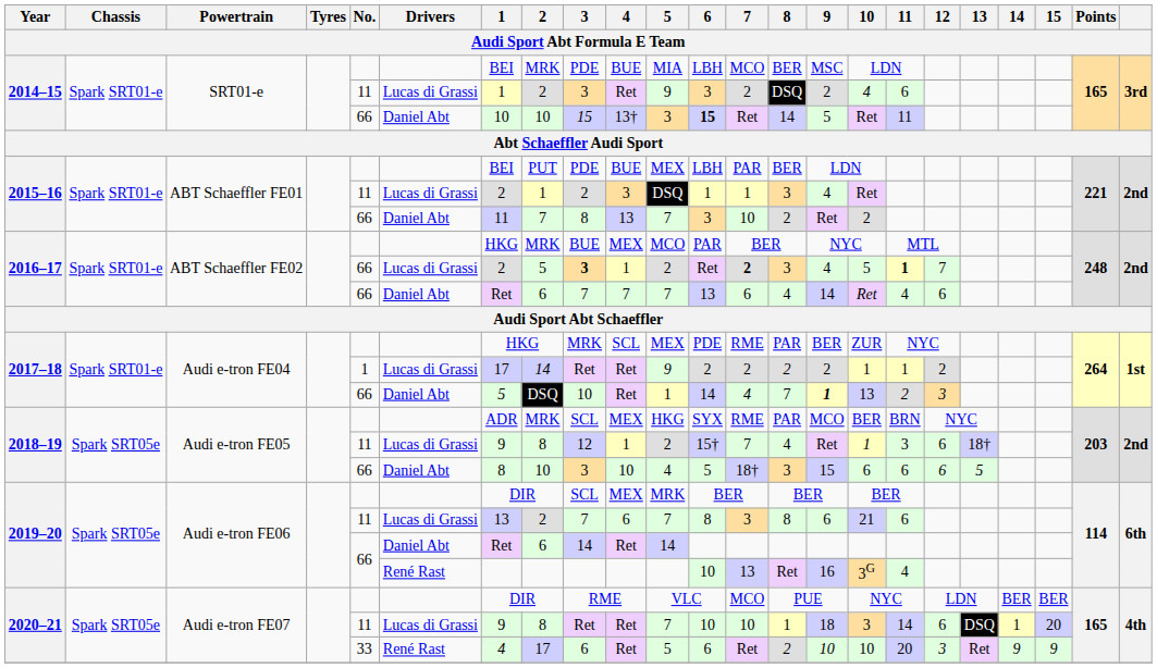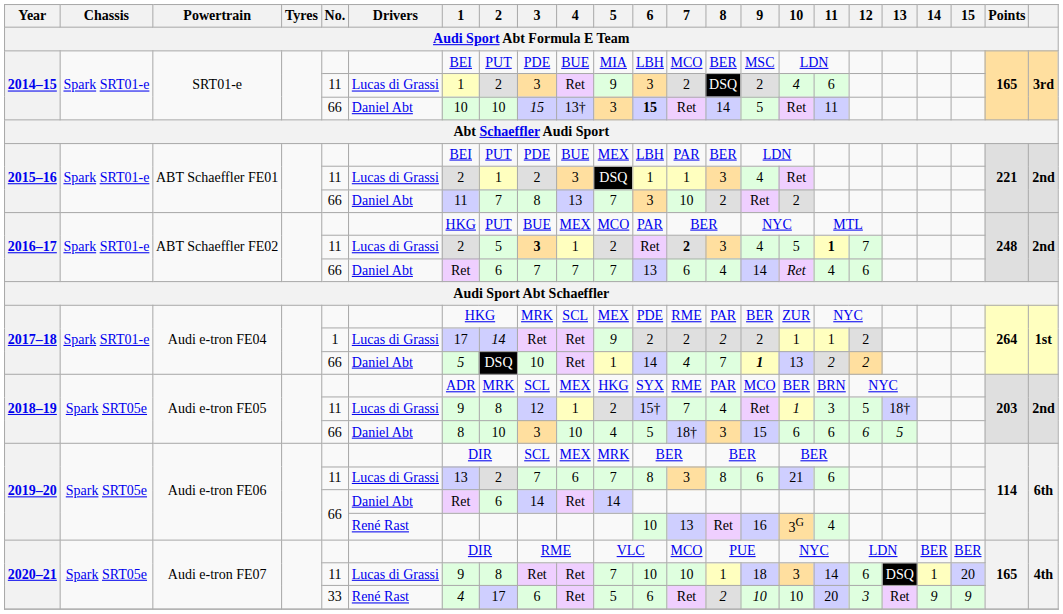 <table class="wikitable" style="font-size: 85%; text-align:center;">
 <tr valign="top">
 <th valign=middle>Year</th>
 <th valign=middle>Chassis</th>
 <th valign="middle">Powertrain</th>
 <th valign="middle">Tyres</th>
 <th valign="middle">No.</th>
 <th valign="middle">Drivers</th>
 <th style="width:26px;">1</th>
 <th style="width:26px;">2</th>
 <th style="width:26px;">3</th>
 <th style="width:26px;">4</th>
 <th style="width:26px;">5</th>
 <th style="width:26px;">6</th>
 <th style="width:26px;">7</th>
 <th style="width:26px;">8</th>
 <th style="width:26px;">9</th>
 <th style="width:26px;">10</th>
 <th style="width:26px;">11</th>
 <th style="width:26px;">12</th>
 <th style="width:26px;">13</th>
 <th style="width:26px;">14</th>
 <th style="width:26px;">15</th>
 <th valign="middle">Points</th>
 <th></th>
 </tr>
 <tr>
 <th colspan="23"><a href='#'>Audi Sport</a> Abt Formula E Team</th>
 </tr>
 <tr>
 <th rowspan=3><a href='#'>2014–15</a></th>
 <td rowspan=3><a href='#'>Spark</a> <a href='#'>SRT01-e</a></td>
 <td rowspan=3>SRT01-e</td>
 <td rowspan=3></td>
 <td></td>
 <td></td>
 <td><a href='#'>BEI</a></td>
-<td><a href='#'>MRK</a></td>
+<td><a href='#'>PUT</a></td>
 <td><a href='#'>PDE</a></td>
 <td><a href='#'>BUE</a></td>
 <td><a href='#'>MIA</a></td>
 <td><a href='#'>LBH</a></td>
 <td><a href='#'>MCO</a></td>
 <td><a href='#'>BER</a></td>
 <td><a href='#'>MSC</a></td>
 <td colspan=2><a href='#'>LDN</a></td>
 <td></td>
 <td></td>
 <td></td>
 <td></td>
 <th rowspan="3" style="background:#FFDF9F;">165</th>
 <th style="background:#FFDF9F;" rowspan=3>3rd</th>
 </tr>
 <tr>
 <td>11</td>
 <td align="left"> <a href='#'>Lucas di Grassi</a></td>
 <td style="background:#FFFFBF;">1</td>
 <td style="background:#dfdfdf;">2</td>
 <td style="background:#FFDF9F;">3</td>
 <td style="background:#EFCFFF;">Ret</td>
 <td style="background:#DFFFDF;">9</td>
 <td style="background:#FFDF9F;">3</td>
 <td style="background:#dfdfdf;">2</td>
 <td style="background:#000000; color:white;">DSQ</td>
 <td style="background:#DFDFDF;">2</td>
 <td style="background:#DFFFDF;"><em>4</em></td>
 <td style="background:#DFFFDF;">6</td>
 <td></td>
 <td></td>
 <td></td>
 <td></td>
 </tr>
 <tr>
 <td>66</td>
 <td align="left"> <a href='#'>Daniel Abt</a></td>
 <td style="background:#DFFFDF;">10</td>
 <td style="background:#DFFFDF;">10</td>
 <td style="background:#CFCFFF;"><em>15</em></td>
 <td style="background:#CFCFFF;">13†</td>
 <td style="background:#FFDF9F;">3</td>
 <td style="background:#CFCFFF;"><strong>15</strong></td>
 <td style="background:#EFCFFF;">Ret</td>
 <td style="background:#CFCFFF;">14</td>
 <td style="background:#DFFFDF;">5</td>
 <td style="background:#EFCFFF;">Ret</td>
 <td style="background:#CFCFFF;">11</td>
 <td></td>
 <td></td>
 <td></td>
 <td></td>
 </tr>
 <tr>
 <th colspan="23">Abt <a href='#'>Schaeffler</a> Audi Sport</th>
 </tr>
 <tr>
 <th rowspan=3><a href='#'>2015–16</a></th>
 <td rowspan=3><a href='#'>Spark</a> <a href='#'>SRT01-e</a></td>
 <td rowspan=3>ABT Schaeffler FE01</td>
 <td rowspan=3></td>
 <td></td>
 <td></td>
 <td><a href='#'>BEI</a></td>
 <td><a href='#'>PUT</a></td>
 <td><a href='#'>PDE</a></td>
 <td><a href='#'>BUE</a></td>
 <td><a href='#'>MEX</a></td>
 <td><a href='#'>LBH</a></td>
 <td><a href='#'>PAR</a></td>
 <td><a href='#'>BER</a></td>
 <td colspan=2><a href='#'>LDN</a></td>
 <td></td>
 <td></td>
 <td></td>
 <td></td>
 <td></td>
 <th rowspan="3" style="background:#DFDFDF;">221</th>
 <th style="background:#DFDFDF;" rowspan=3>2nd</th>
 </tr>
 <tr>
 <td>11</td>
 <td align="left"> <a href='#'>Lucas di Grassi</a></td>
 <td style="background:#dfdfdf;">2</td>
 <td style="background:#FFFFBF;">1</td>
 <td style="background:#DFDFDF;">2</td>
 <td style="background:#FFDF9F;">3</td>
 <td style="background:#000000; color:white;">DSQ</td>
 <td style="background:#FFFFBF;">1</td>
 <td style="background:#FFFFBF;">1</td>
 <td style="background:#FFDF9F;">3</td>
 <td style="background:#DFFFDF;">4</td>
 <td style="background:#EFCFFF;">Ret</td>
 <td></td>
 <td></td>
 <td></td>
 <td></td>
 <td></td>
 </tr>
 <tr>
 <td>66</td>
 <td align="left"> <a href='#'>Daniel Abt</a></td>
 <td style="background:#CFCFFF;">11</td>
 <td style="background:#DFFFDF;">7</td>
 <td style="background:#DFFFDF;">8</td>
 <td style="background:#CFCFFF;">13</td>
 <td style="background:#DFFFDF;">7</td>
 <td style="background:#FFDF9F;">3</td>
 <td style="background:#DFFFDF;">10</td>
 <td style="background:#DFDFDF;">2</td>
 <td style="background:#EFCFFF;">Ret</td>
 <td style="background:#DFDFDF;">2</td>
 <td></td>
 <td></td>
 <td></td>
 <td></td>
 <td></td>
 </tr>
 <tr>
 <th rowspan=3><a href='#'>2016–17</a></th>
 <td rowspan=3><a href='#'>Spark</a> <a href='#'>SRT01-e</a></td>
 <td rowspan=3>ABT Schaeffler FE02</td>
 <td rowspan=3></td>
 <td></td>
 <td></td>
 <td><a href='#'>HKG</a></td>
-<td><a href='#'>MRK</a></td>
+<td><a href='#'>PUT</a></td>
 <td><a href='#'>BUE</a></td>
 <td><a href='#'>MEX</a></td>
 <td><a href='#'>MCO</a></td>
 <td><a href='#'>PAR</a></td>
 <td colspan=2><a href='#'>BER</a></td>
 <td colspan=2><a href='#'>NYC</a></td>
 <td colspan=2><a href='#'>MTL</a></td>
 <td></td>
 <td></td>
 <td></td>
 <th rowspan="3" style="background:#DFDFDF;">248</th>
 <th style="background:#DFDFDF;" rowspan=3>2nd</th>
 </tr>
 <tr>
-<td>66</td>
+<td>11</td>
 <td align="left"> <a href='#'>Lucas di Grassi</a></td>
 <td style="background:#DFDFDF;">2</td>
 <td style="background:#DFFFDF;">5</td>
 <td style="background:#FFDF9F;"><strong>3</strong></td>
 <td style="background:#FFFFBF;">1</td>
 <td style="background:#DFDFDF;">2</td>
 <td style="background:#EFCFFF;">Ret</td>
 <td style="background:#DFDFDF;"><strong>2</strong></td>
 <td style="background:#FFDF9F;">3</td>
 <td style="background:#DFFFDF;">4</td>
 <td style="background:#DFFFDF;">5</td>
 <td style="background:#FFFFBF;"><strong>1</strong></td>
 <td style="background:#DFFFDF;">7</td>
 <td></td>
 <td></td>
 <td></td>
 </tr>
 <tr>
 <td>66</td>
 <td align="left"> <a href='#'>Daniel Abt</a></td>
 <td style="background:#EFCFFF;">Ret</td>
 <td style="background:#DFFFDF;">6</td>
 <td style="background:#DFFFDF;">7</td>
 <td style="background:#DFFFDF;">7</td>
 <td style="background:#DFFFDF;">7</td>
 <td style="background:#CFCFFF;">13</td>
 <td style="background:#DFFFDF;">6</td>
 <td style="background:#DFFFDF;">4</td>
 <td style="background:#CFCFFF;">14</td>
 <td style="background:#EFCFFF;"><em>Ret</em></td>
 <td style="background:#DFFFDF;">4</td>
 <td style="background:#DFFFDF;">6</td>
 <td></td>
 <td></td>
 <td></td>
 </tr>
 <tr>
 <th colspan="23">Audi Sport Abt Schaeffler</th>
 </tr>
 <tr>
 <th rowspan=3><a href='#'>2017–18</a></th>
 <td rowspan=3><a href='#'>Spark</a> <a href='#'>SRT01-e</a></td>
 <td rowspan=3>Audi e-tron FE04</td>
 <td rowspan=3></td>
 <td></td>
 <td></td>
 <td colspan=2><a href='#'>HKG</a></td>
 <td><a href='#'>MRK</a></td>
 <td><a href='#'>SCL</a></td>
 <td><a href='#'>MEX</a></td>
 <td><a href='#'>PDE</a></td>
 <td><a href='#'>RME</a></td>
 <td><a href='#'>PAR</a></td>
 <td><a href='#'>BER</a></td>
 <td><a href='#'>ZUR</a></td>
 <td colspan=2><a href='#'>NYC</a></td>
 <td></td>
 <td></td>
 <td></td>
 <th rowspan="3" style="background:#FFFFBF;">264</th>
 <th style="background:#FFFFBF;" rowspan=3>1st</th>
 </tr>
 <tr>
 <td>1</td>
 <td align="left"> <a href='#'>Lucas di Grassi</a></td>
 <td style="background:#CFCFFF;">17</td>
 <td style="background:#CFCFFF;"><em>14</em></td>
 <td style="background:#EFCFFF;">Ret</td>
 <td style="background:#EFCFFF;">Ret</td>
 <td style="background:#DFFFDF;"><em>9</em></td>
 <td style="background:#DFDFDF;">2</td>
 <td style="background:#DFDFDF;">2</td>
 <td style="background:#DFDFDF;"><em> 2</em></td>
 <td style="background:#DFDFDF;">2</td>
 <td style="background:#FFFFBF;">1</td>
 <td style="background:#FFFFBF;">1</td>
 <td style="background:#DFDFDF;">2</td>
 <td></td>
 <td></td>
 <td></td>
 </tr>
 <tr>
 <td>66</td>
 <td align="left"> <a href='#'>Daniel Abt</a></td>
 <td style="background:#DFFFDF;"><em>5</em></td>
 <td style="background:#000000; color:white;">DSQ</td>
 <td style="background:#DFFFDF;">10</td>
 <td style="background:#EFCFFF;">Ret</td>
 <td style="background:#FFFFBF;">1</td>
 <td style="background:#CFCFFF;">14</td>
 <td style="background:#DFFFDF;"><em>4</em></td>
 <td style="background:#DFFFDF;">7</td>
 <td style="background:#FFFFBF;"><strong><em>1</em></strong></td>
 <td style="background:#CFCFFF;">13</td>
 <td style="background:#DFDFDF;"><em>2</em></td>
-<td style="background:#FFDF9F;"><em>3</em></td>
+<td style="background:#FFDF9F;"><em>2</em></td>
 <td></td>
 <td></td>
 <td></td>
 </tr>
 <tr>
 <th rowspan=3><a href='#'>2018–19</a></th>
 <td rowspan=3><a href='#'>Spark</a> <a href='#'>SRT05e</a></td>
 <td rowspan=3>Audi e-tron FE05</td>
 <td rowspan=3></td>
 <td></td>
 <td></td>
 <td><a href='#'>ADR</a></td>
 <td><a href='#'>MRK</a></td>
 <td><a href='#'>SCL</a></td>
 <td><a href='#'>MEX</a></td>
 <td><a href='#'>HKG</a></td>
 <td><a href='#'>SYX</a></td>
 <td><a href='#'>RME</a></td>
 <td><a href='#'>PAR</a></td>
 <td><a href='#'>MCO</a></td>
 <td><a href='#'>BER</a></td>
 <td><a href='#'>BRN</a></td>
 <td colspan=2><a href='#'>NYC</a></td>
 <td></td>
 <td></td>
 <th rowspan="3" style="background:#DFDFDF;">203</th>
 <th style="background:#DFDFDF;" rowspan=3>2nd</th>
 </tr>
 <tr>
 <td>11</td>
 <td align="left"> <a href='#'>Lucas di Grassi</a></td>
 <td style="background:#DFFFDF;">9</td>
 <td style="background:#DFFFDF;">8</td>
 <td style="background:#CFCFFF;">12</td>
 <td style="background:#FFFFBF;">1</td>
 <td style="background:#DFDFDF;">2</td>
 <td style="background:#CFCFFF;">15†</td>
 <td style="background:#DFFFDF;">7</td>
 <td style="background:#DFFFDF;">4</td>
 <td style="background:#EFCFFF;">Ret</td>
 <td style="background:#FFFFBF;"><em>1</em></td>
 <td style="background:#DFFFDF;">3</td>
-<td style="background:#DFFFDF;">6</td>
+<td style="background:#DFFFDF;">5</td>
 <td style="background:#CFCFFF;">18†</td>
 <td></td>
 <td></td>
 </tr>
 <tr>
 <td>66</td>
 <td align="left"> <a href='#'>Daniel Abt</a></td>
 <td style="background:#DFFFDF;">8</td>
 <td style="background:#DFFFDF;">10</td>
 <td style="background:#FFDF9F;">3</td>
 <td style="background:#DFFFDF;">10</td>
 <td style="background:#DFFFDF;">4</td>
 <td style="background:#DFFFDF;">5</td>
 <td style="background:#CFCFFF;">18†</td>
 <td style="background:#FFDF9F;">3</td>
 <td style="background:#CFCFFF;">15</td>
 <td style="background:#DFFFDF;">6</td>
 <td style="background:#DFFFDF;">6</td>
 <td style="background:#DFFFDF;"><em>6</em></td>
 <td style="background:#DFFFDF;"><em>5</em></td>
 <td></td>
 <td></td>
 </tr>
 <tr>
 <th rowspan="4"><a href='#'>2019–20</a></th>
 <td rowspan="4"><a href='#'>Spark</a> <a href='#'>SRT05e</a></td>
 <td rowspan="4">Audi e-tron FE06</td>
 <td rowspan="4"></td>
 <td></td>
 <td></td>
 <td colspan=2><a href='#'>DIR</a></td>
 <td><a href='#'>SCL</a></td>
 <td><a href='#'>MEX</a></td>
 <td><a href='#'>MRK</a></td>
 <td colspan="2"><a href='#'>BER</a></td>
 <td colspan="2"><a href='#'>BER</a></td>
 <td colspan="2"><a href='#'>BER</a></td>
 <td></td>
 <td></td>
 <td></td>
 <td></td>
 <th rowspan="4">114</th>
 <th rowspan="4">6th</th>
 </tr>
 <tr>
 <td>11</td>
 <td align="left"> <a href='#'>Lucas di Grassi</a></td>
 <td style="background:#CFCFFF;">13</td>
 <td style="background:#DFDFDF;">2</td>
 <td style="background:#DFFFDF;">7</td>
 <td style="background:#DFFFDF;">6</td>
 <td style="background:#DFFFDF;">7</td>
 <td style="background:#DFFFDF;">8</td>
 <td style="background:#FFDF9F;">3</td>
 <td style="background:#DFFFDF;">8</td>
 <td style="background:#DFFFDF;">6</td>
 <td style="background:#CFCFFF;">21</td>
 <td style="background:#DFFFDF;">6</td>
 <td></td>
 <td></td>
 <td></td>
 <td></td>
 </tr>
 <tr>
 <td rowspan="2">66</td>
 <td align="left"> <a href='#'>Daniel Abt</a></td>
 <td style="background:#EFCFFF;">Ret</td>
 <td style="background:#DFFFDF;">6</td>
 <td style="background:#CFCFFF;">14</td>
 <td style="background:#EFCFFF;">Ret</td>
 <td style="background:#CFCFFF;">14</td>
 <td></td>
 <td></td>
 <td></td>
 <td></td>
 <td></td>
 <td></td>
 <td></td>
 <td></td>
 <td></td>
 <td></td>
 </tr>
 <tr>
 <td align="left"> <a href='#'>René Rast</a></td>
 <td></td>
 <td></td>
 <td></td>
 <td></td>
 <td></td>
 <td style="background:#DFFFDF;">10</td>
 <td style="background:#CFCFFF;">13</td>
 <td style="background:#EFCFFF;">Ret</td>
 <td style="background:#CFCFFF;">16</td>
 <td style="background:#FFDF9F;">3<sup>G</sup></td>
 <td style="background:#DFFFDF;">4</td>
 <td></td>
 <td></td>
 <td></td>
 <td></td>
 </tr>
 <tr>
 <th rowspan=3><a href='#'>2020–21</a></th>
 <td rowspan=3><a href='#'>Spark</a> <a href='#'>SRT05e</a></td>
 <td rowspan=3>Audi e-tron FE07</td>
 <td rowspan=3></td>
 <td></td>
 <td></td>
 <td colspan=2><a href='#'>DIR</a></td>
 <td colspan=2><a href='#'>RME</a></td>
 <td colspan=2><a href='#'>VLC</a></td>
 <td><a href='#'>MCO</a></td>
 <td colspan=2><a href='#'>PUE</a></td>
 <td colspan=2><a href='#'>NYC</a></td>
 <td colspan=2><a href='#'>LDN</a></td>
 <td><a href='#'>BER</a></td>
 <td><a href='#'>BER</a></td>
 <th rowspan="3">165</th>
 <th rowspan="3">4th</th>
 </tr>
 <tr>
 <td>11</td>
 <td align="left"> <a href='#'>Lucas di Grassi</a></td>
 <td style="background:#DFFFDF;">9</td>
 <td style="background:#DFFFDF;">8</td>
 <td style="background:#EFCFFF;">Ret</td>
 <td style="background:#EFCFFF;">Ret</td>
 <td style="background:#DFFFDF;">7</td>
 <td style="background:#DFFFDF;">10</td>
 <td style="background:#DFFFDF;">10</td>
 <td style="background:#FFFFBF;">1</td>
 <td style="background:#CFCFFF;">18</td>
 <td style="background:#FFDF9F;">3</td>
 <td style="background:#CFCFFF;">14</td>
 <td style="background:#DFFFDF;">6</td>
 <td style="background:#000000; color:white;">DSQ</td>
 <td style="background:#FFFFBF;">1</td>
 <td style="background:#CFCFFF;">20</td>
 </tr>
 <tr>
 <td>33</td>
 <td align="left"> <a href='#'>René Rast</a></td>
 <td style="background:#DFFFDF;"><em>4</em></td>
 <td style="background:#CFCFFF;">17</td>
 <td style="background:#DFFFDF;">6</td>
 <td style="background:#EFCFFF;">Ret</td>
 <td style="background:#DFFFDF;">5</td>
 <td style="background:#DFFFDF;">6</td>
 <td style="background:#EFCFFF;">Ret</td>
 <td style="background:#DFDFDF;"><em>2</em></td>
 <td style="background:#DFFFDF;"><em>10</em></td>
 <td style="background:#DFFFDF;">10</td>
 <td style="background:#CFCFFF;">20</td>
 <td style="background:#DFFFDF;"><em>3</em></td>
 <td style="background:#EFCFFF;">Ret</td>
 <td style="background:#DFFFDF;"><em>9</em></td>
 <td style="background:#DFFFDF;"><em>9</em></td>
 </tr>
 <tr>
 </tr>
 </table>
